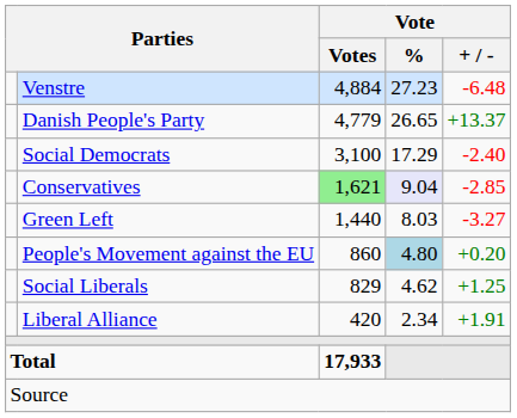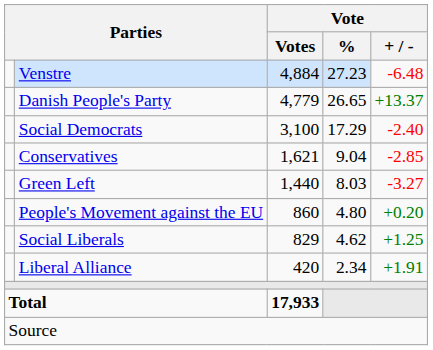 <table class="wikitable" style="text-align:right;">
 <tr>
 <th style="text-align:centre;" rowspan="2" colspan="2" width="225">Parties</th>
 <th colspan="3">Vote</th>
 </tr>
 <tr>
 <th width="15">Votes</th>
 <th width="15">%</th>
 <th width="15">+ / -</th>
 </tr>
 <tr>
 <td width="2" style="color:inherit;background:"></td>
 <td bgcolor=#cfe5fe   align="left"><a href='#'>Venstre</a></td>
 <td bgcolor=#cfe5fe>4,884</td>
 <td bgcolor=#cfe5fe>27.23</td>
 <td style=color:red;>-6.48</td>
 </tr>
 <tr>
 <td width="2" style="color:inherit;background:"></td>
 <td align="left"><a href='#'>Danish People's Party</a></td>
 <td>4,779</td>
 <td>26.65</td>
 <td style=color:green;>+13.37</td>
 </tr>
 <tr>
 <td width="2" style="color:inherit;background:"></td>
 <td align="left"><a href='#'>Social Democrats</a></td>
 <td>3,100</td>
 <td>17.29</td>
 <td style=color:red;>-2.40</td>
 </tr>
 <tr>
 <td width="2" style="color:inherit;background:"></td>
 <td align="left"><a href='#'>Conservatives</a></td>
-<td style="background: lightgreen;">1,621</td>
-<td style="background: lavender;">9.04</td>
+<td>1,621</td>
+<td>9.04</td>
 <td style=color:red;>-2.85</td>
 </tr>
 <tr>
 <td width="2" style="color:inherit;background:"></td>
 <td align="left"><a href='#'>Green Left</a></td>
 <td>1,440</td>
 <td>8.03</td>
 <td style=color:red;>-3.27</td>
 </tr>
 <tr>
 <td width="2" style="color:inherit;background:"></td>
 <td align="left"><a href='#'>People's Movement against the EU</a></td>
 <td>860</td>
-<td style="background: lightblue;">4.80</td>
+<td>4.80</td>
 <td style=color:green;>+0.20</td>
 </tr>
 <tr>
 <td width="2" style="color:inherit;background:"></td>
 <td align="left"><a href='#'>Social Liberals</a></td>
 <td>829</td>
 <td>4.62</td>
 <td style=color:green;>+1.25</td>
 </tr>
 <tr>
 <td width="2" style="color:inherit;background:"></td>
 <td align="left"><a href='#'>Liberal Alliance</a></td>
 <td>420</td>
 <td>2.34</td>
 <td style=color:green;>+1.91</td>
 </tr>
 <tr>
 <td colspan="7" bgcolor="#E9E9E9"></td>
 </tr>
 <tr>
 <td align="left" colspan="2"><strong>Total</strong></td>
 <td><strong>17,933</strong></td>
 <td bgcolor="#E9E9E9" colspan="2"></td>
 </tr>
 <tr>
 <td align="left" colspan="6">Source</td>
 </tr>
 </table>
